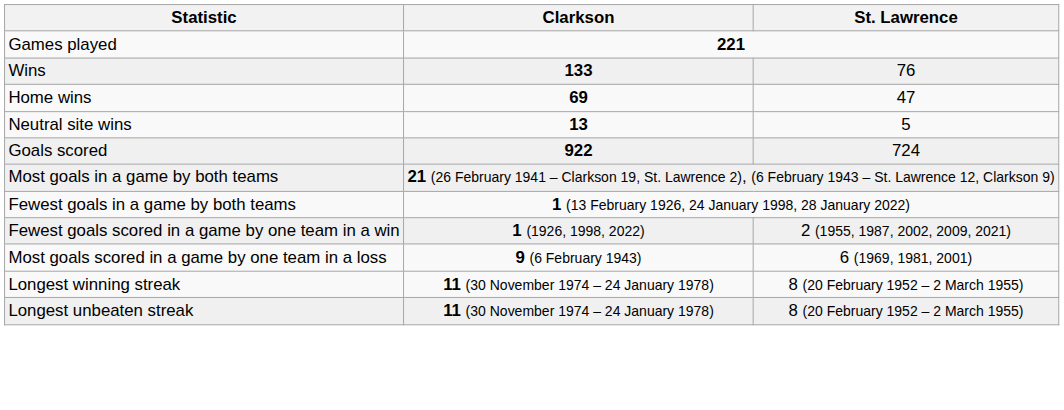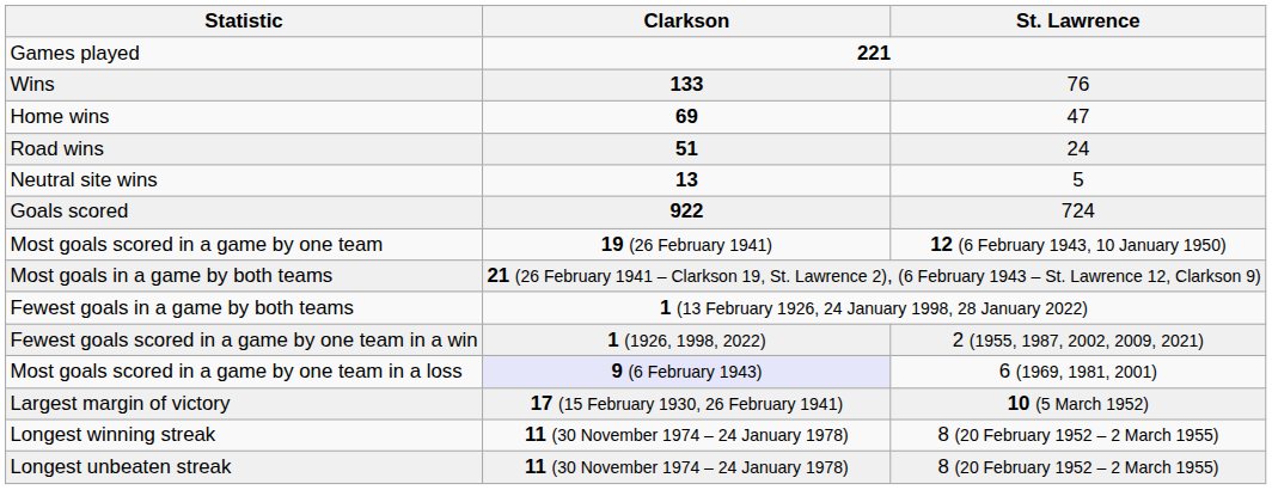 <table class="wikitable">
 <tr>
 <th>Statistic</th>
 <th>Clarkson</th>
 <th>St. Lawrence</th>
 </tr>
 <tr>
 <td>Games played</td>
 <td align=center colspan=2><strong>221</strong></td>
 </tr>
 <tr bgcolor=f0f0f0>
 <td>Wins</td>
 <td align=center><strong>133</strong></td>
 <td align=center>76</td>
 </tr>
 <tr>
 <td>Home wins</td>
 <td align=center><strong>69</strong></td>
 <td align=center>47</td>
 </tr>
+<tr bgcolor=f0f0f0>
+<td>Road wins</td>
+<td align=center><strong>51</strong></td>
+<td align=center>24</td>
+</tr>
 <tr>
 <td>Neutral site wins</td>
 <td align=center><strong>13</strong></td>
 <td align=center>5</td>
 </tr>
 <tr bgcolor=f0f0f0>
 <td>Goals scored</td>
 <td align=center><strong>922</strong></td>
 <td align=center>724</td>
+</tr>
+<tr>
+<td>Most goals scored in a game by one team</td>
+<td align=center><strong>19</strong> <small>(26 February 1941)</small></td>
+<td align=center><strong>12</strong> <small>(6 February 1943, 10 January 1950)</small></td>
 </tr>
 <tr bgcolor=f0f0f0>
 <td>Most goals in a game by both teams</td>
 <td align=center colspan=2><strong>21</strong> <small>(26 February 1941 – Clarkson 19, St. Lawrence 2)</small>, <small>(6 February 1943 – St. Lawrence 12, Clarkson 9)</small></td>
 </tr>
 <tr>
 <td>Fewest goals in a game by both teams</td>
 <td align=center colspan=2><strong>1</strong> <small>(13 February 1926, 24 January 1998, 28 January 2022)</small></td>
 </tr>
 <tr bgcolor=f0f0f0>
 <td>Fewest goals scored in a game by one team in a win</td>
 <td align=center><strong>1</strong> <small>(1926, 1998, 2022)</small></td>
 <td align=center>2 <small>(1955, 1987, 2002, 2009, 2021)</small></td>
 </tr>
 <tr>
 <td>Most goals scored in a game by one team in a loss</td>
-<td align=center><strong>9</strong> <small>(6 February 1943)</small></td>
+<td align=center style="background: lavender;"><strong>9</strong> <small>(6 February 1943)</small></td>
 <td align=center>6 <small>(1969, 1981, 2001)</small></td>
+</tr>
+<tr bgcolor=f0f0f0>
+<td>Largest margin of victory</td>
+<td align=center><strong>17</strong> <small>(15 February 1930, 26 February 1941)</small></td>
+<td align=center><strong>10</strong> <small>(5 March 1952)</small></td>
 </tr>
 <tr>
 <td>Longest winning streak</td>
 <td align=center><strong>11</strong> <small>(30 November 1974 – 24 January 1978)</small></td>
 <td align=center>8 <small>(20 February 1952 – 2 March 1955)</small></td>
 </tr>
 <tr bgcolor=f0f0f0>
 <td>Longest unbeaten streak</td>
 <td align=center><strong>11</strong> <small>(30 November 1974 – 24 January 1978)</small></td>
 <td align=center>8 <small>(20 February 1952 – 2 March 1955)</small></td>
 </tr>
 </table>
